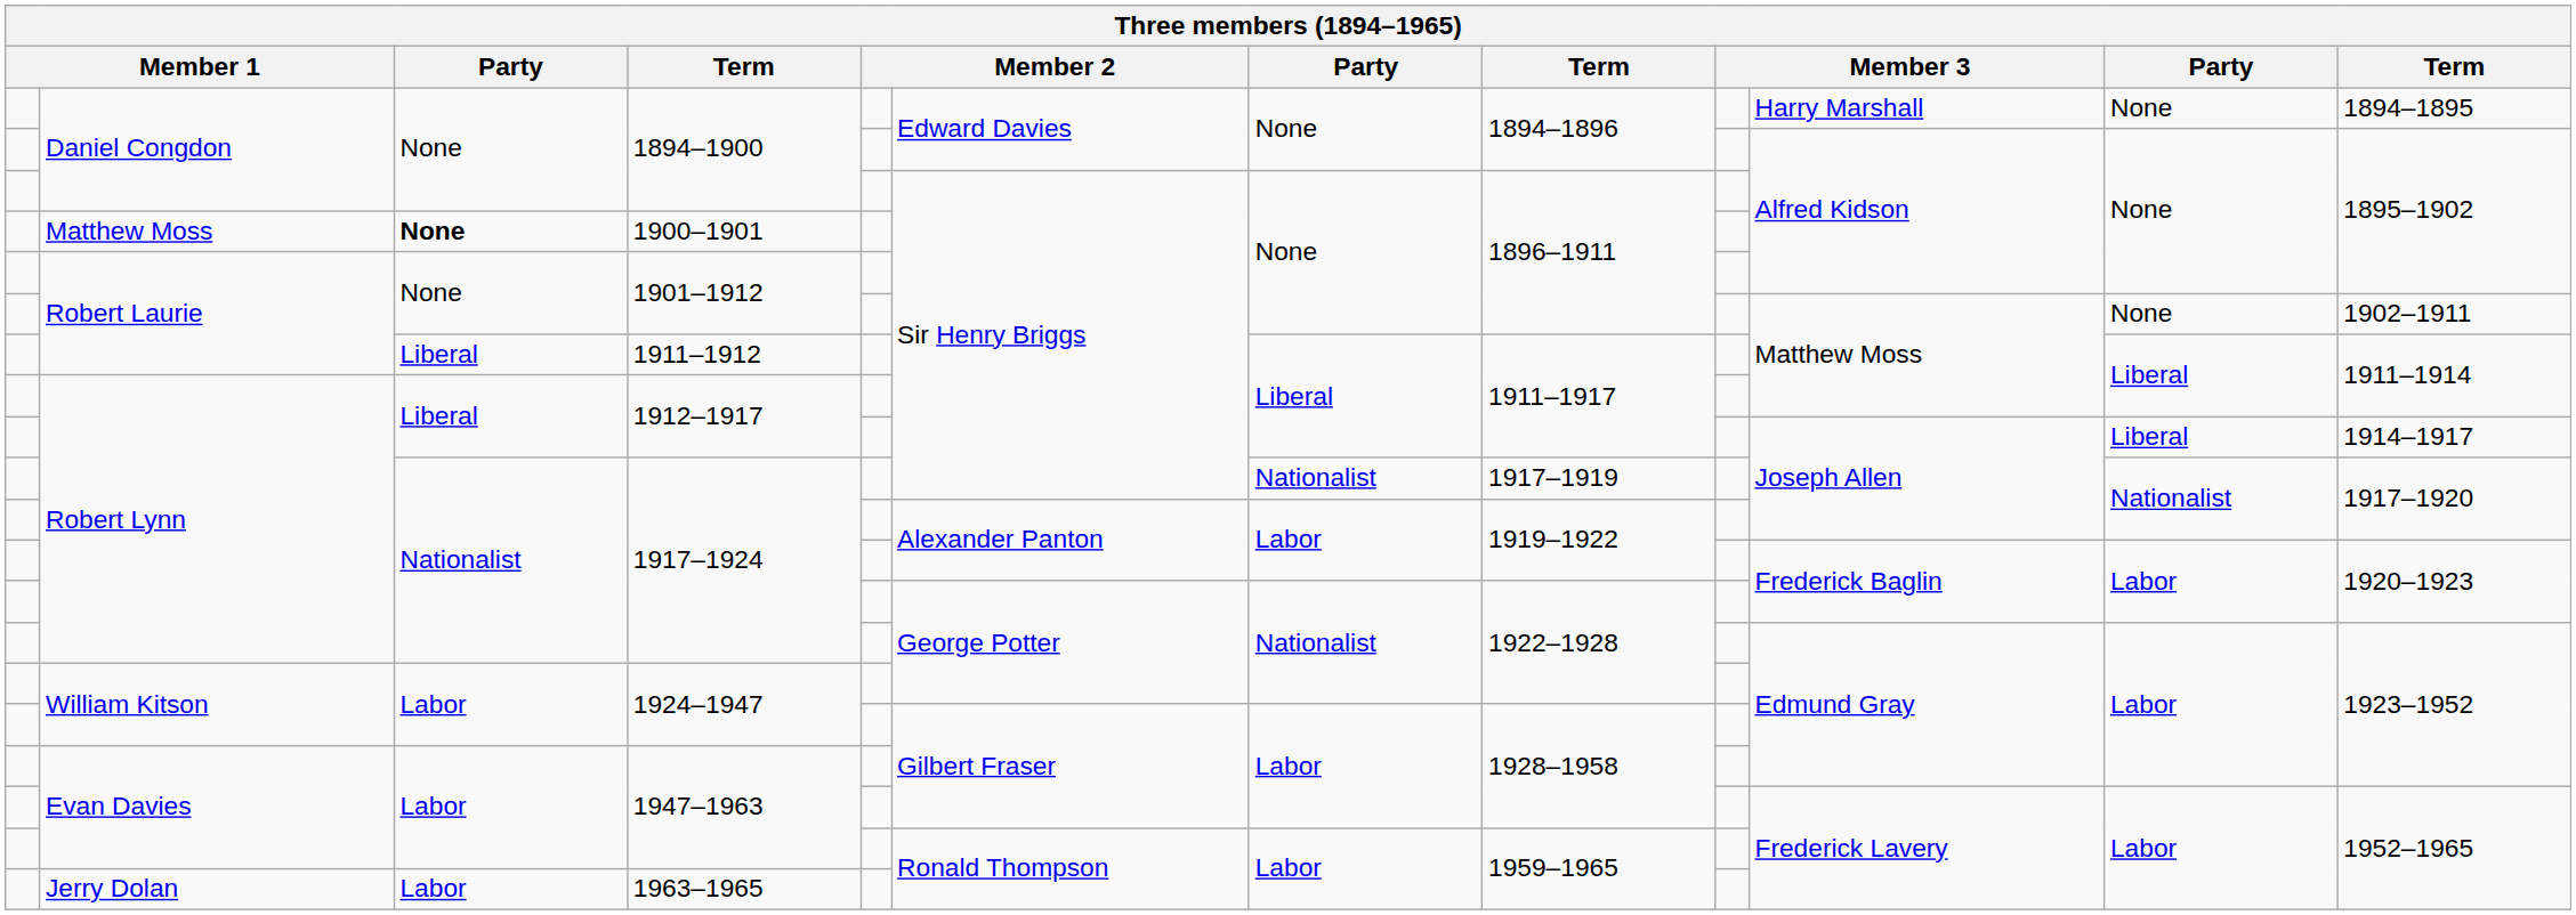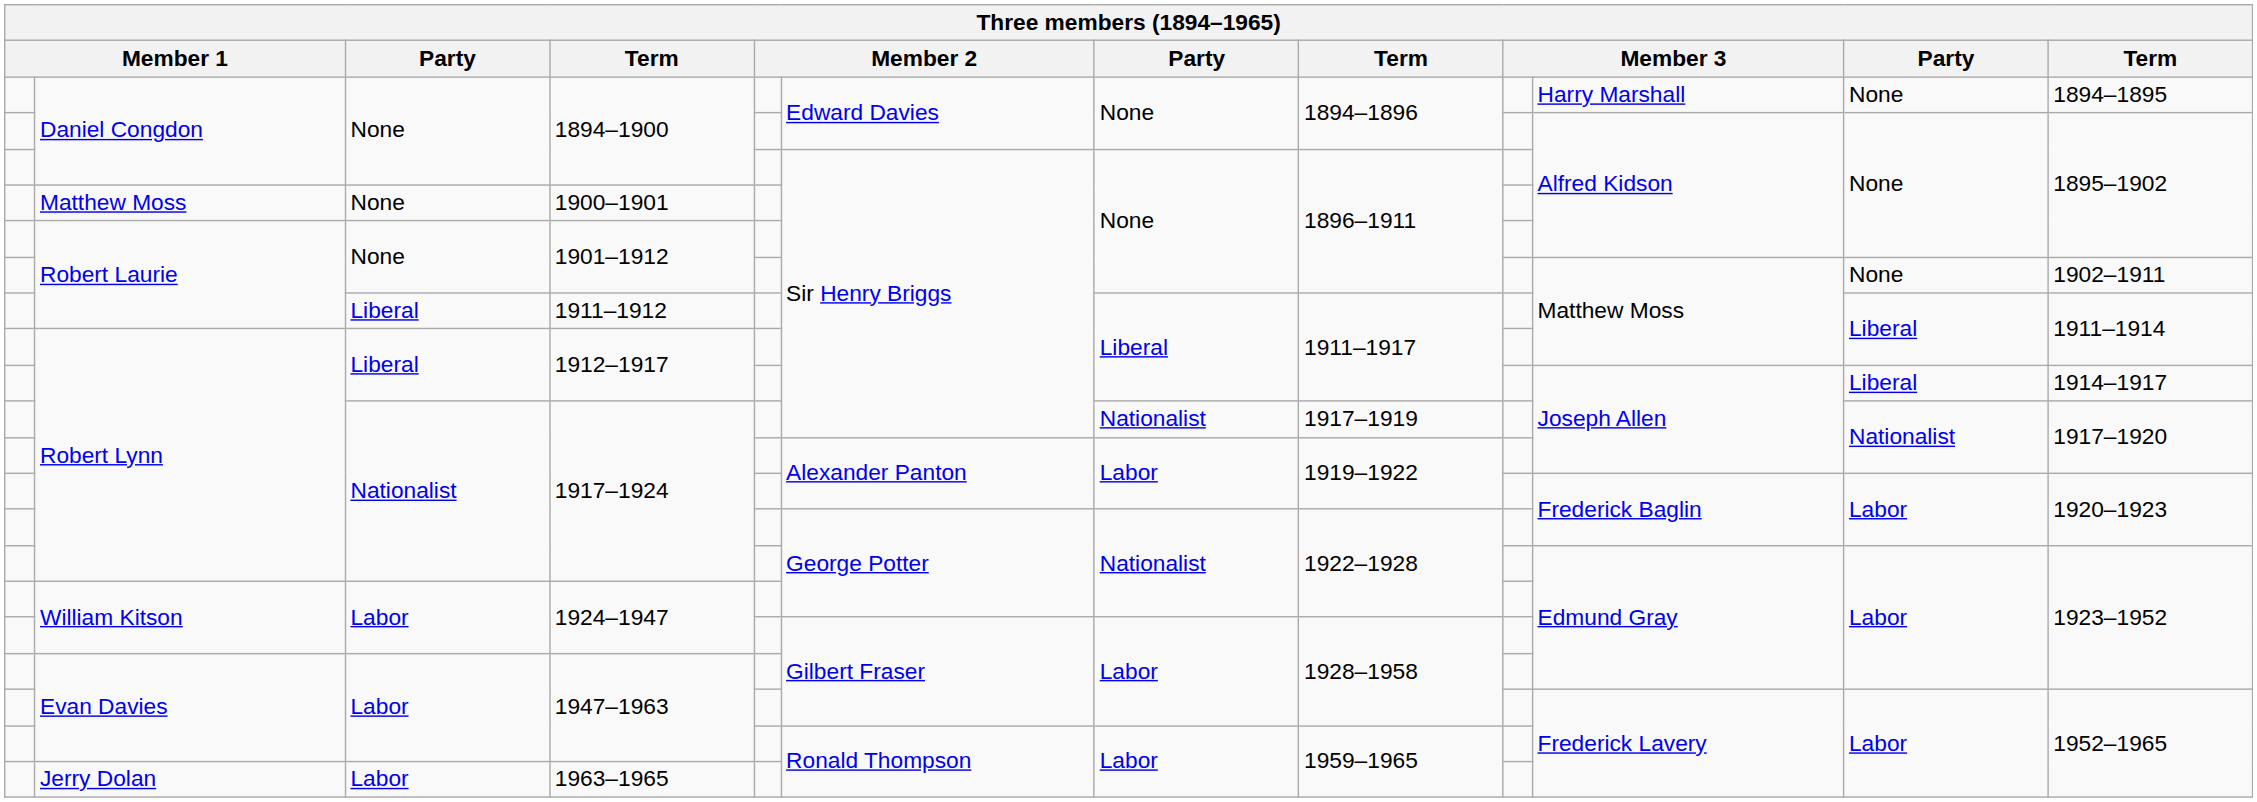 <table class="wikitable" width="100%">
 <tr>
 <th colspan="12">Three members (1894–1965)</th>
 </tr>
 <tr>
 <th colspan="2" width="15%">Member 1</th>
 <th width="9%">Party</th>
 <th width="9%">Term</th>
 <th colspan="2" width="15%">Member 2</th>
 <th width="9%">Party</th>
 <th width="9%">Term</th>
 <th colspan="2" width="15%">Member 3</th>
 <th width="9%">Party</th>
 <th width="9%">Term</th>
 </tr>
 <tr>
 <td> </td>
 <td rowspan="3"><a href='#'>Daniel Congdon</a></td>
 <td rowspan="3">None</td>
 <td rowspan="3">1894–1900</td>
 <td> </td>
 <td rowspan="2"><a href='#'>Edward Davies</a></td>
 <td rowspan="2">None</td>
 <td rowspan="2">1894–1896</td>
 <td> </td>
 <td><a href='#'>Harry Marshall</a></td>
 <td>None</td>
 <td>1894–1895</td>
 </tr>
 <tr>
 <td> </td>
 <td> </td>
 <td> </td>
 <td rowspan="4"><a href='#'>Alfred Kidson</a></td>
 <td rowspan="4">None</td>
 <td rowspan="4">1895–1902</td>
 </tr>
 <tr>
 <td> </td>
 <td> </td>
 <td rowspan="8">Sir <a href='#'>Henry Briggs</a></td>
 <td rowspan="4">None</td>
 <td rowspan="4">1896–1911</td>
 <td> </td>
 </tr>
 <tr>
 <td> </td>
 <td><a href='#'>Matthew Moss</a></td>
-<td><strong>None</strong></td>
+<td>None</td>
 <td>1900–1901</td>
 <td> </td>
 <td> </td>
 </tr>
 <tr>
 <td> </td>
 <td rowspan="3"><a href='#'>Robert Laurie</a></td>
 <td rowspan="2">None</td>
 <td rowspan="2">1901–1912</td>
 <td> </td>
 <td> </td>
 </tr>
 <tr>
 <td> </td>
 <td> </td>
 <td> </td>
 <td rowspan="3">Matthew Moss</td>
 <td>None</td>
 <td>1902–1911</td>
 </tr>
 <tr>
 <td> </td>
 <td><a href='#'>Liberal</a></td>
 <td>1911–1912</td>
 <td> </td>
 <td rowspan="3"><a href='#'>Liberal</a></td>
 <td rowspan="3">1911–1917</td>
 <td> </td>
 <td rowspan="2"><a href='#'>Liberal</a></td>
 <td rowspan="2">1911–1914</td>
 </tr>
 <tr>
 <td> </td>
 <td rowspan="7"><a href='#'>Robert Lynn</a></td>
 <td rowspan="2"><a href='#'>Liberal</a></td>
 <td rowspan="2">1912–1917</td>
 <td> </td>
 <td> </td>
 </tr>
 <tr>
 <td> </td>
 <td> </td>
 <td> </td>
 <td rowspan="3"><a href='#'>Joseph Allen</a></td>
 <td><a href='#'>Liberal</a></td>
 <td>1914–1917</td>
 </tr>
 <tr>
 <td> </td>
 <td rowspan="5"><a href='#'>Nationalist</a></td>
 <td rowspan="5">1917–1924</td>
 <td> </td>
 <td><a href='#'>Nationalist</a></td>
 <td>1917–1919</td>
 <td> </td>
 <td rowspan="2"><a href='#'>Nationalist</a></td>
 <td rowspan="2">1917–1920</td>
 </tr>
 <tr>
 <td> </td>
 <td> </td>
 <td rowspan="2"><a href='#'>Alexander Panton</a></td>
 <td rowspan="2"><a href='#'>Labor</a></td>
 <td rowspan="2">1919–1922</td>
 <td> </td>
 </tr>
 <tr>
 <td> </td>
 <td> </td>
 <td> </td>
 <td rowspan="2"><a href='#'>Frederick Baglin</a></td>
 <td rowspan="2"><a href='#'>Labor</a></td>
 <td rowspan="2">1920–1923</td>
 </tr>
 <tr>
 <td> </td>
 <td> </td>
 <td rowspan="3"><a href='#'>George Potter</a></td>
 <td rowspan="3"><a href='#'>Nationalist</a></td>
 <td rowspan="3">1922–1928</td>
 <td> </td>
 </tr>
 <tr>
 <td> </td>
 <td> </td>
 <td> </td>
 <td rowspan="4"><a href='#'>Edmund Gray</a></td>
 <td rowspan="4"><a href='#'>Labor</a></td>
 <td rowspan="4">1923–1952</td>
 </tr>
 <tr>
 <td> </td>
 <td rowspan="2"><a href='#'>William Kitson</a></td>
 <td rowspan="2"><a href='#'>Labor</a></td>
 <td rowspan="2">1924–1947</td>
 <td> </td>
 <td> </td>
 </tr>
 <tr>
 <td> </td>
 <td> </td>
 <td rowspan="3"><a href='#'>Gilbert Fraser</a></td>
 <td rowspan="3"><a href='#'>Labor</a></td>
 <td rowspan="3">1928–1958</td>
 <td> </td>
 </tr>
 <tr>
 <td> </td>
 <td rowspan="3"><a href='#'>Evan Davies</a></td>
 <td rowspan="3"><a href='#'>Labor</a></td>
 <td rowspan="3">1947–1963</td>
 <td> </td>
 <td> </td>
 </tr>
 <tr>
 <td> </td>
 <td> </td>
 <td> </td>
 <td rowspan="3"><a href='#'>Frederick Lavery</a></td>
 <td rowspan="3"><a href='#'>Labor</a></td>
 <td rowspan="3">1952–1965</td>
 </tr>
 <tr>
 <td> </td>
 <td> </td>
 <td rowspan="2"><a href='#'>Ronald Thompson</a></td>
 <td rowspan="2"><a href='#'>Labor</a></td>
 <td rowspan="2">1959–1965</td>
 <td> </td>
 </tr>
 <tr>
 <td> </td>
 <td><a href='#'>Jerry Dolan</a></td>
 <td><a href='#'>Labor</a></td>
 <td>1963–1965</td>
 <td> </td>
 <td> </td>
 </tr>
 </table>
